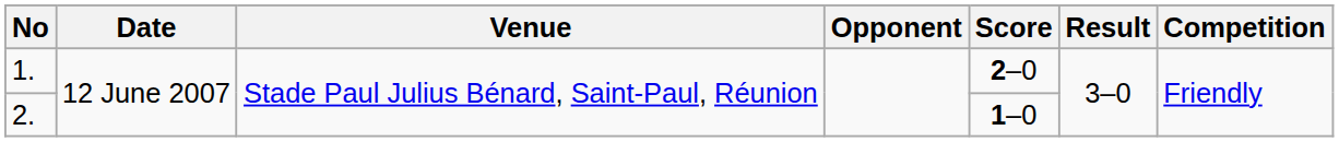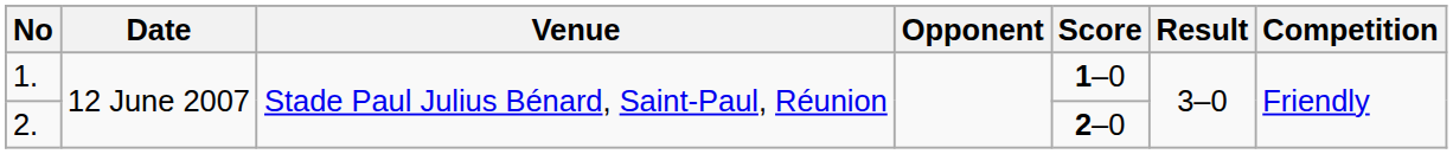 <table class="wikitable" style="font-size:85%;">
 <tr>
 <th>No</th>
 <th>Date</th>
 <th>Venue</th>
 <th>Opponent</th>
 <th>Score</th>
 <th>Result</th>
 <th>Competition</th>
 </tr>
 <tr>
 <td>1.</td>
 <td rowspan="2">12 June 2007</td>
 <td rowspan="2"><a href='#'>Stade Paul Julius Bénard</a>, <a href='#'>Saint-Paul</a>, <a href='#'>Réunion</a></td>
 <td rowspan="2"></td>
-<td align=center><strong>2</strong>–0</td>
+<td align=center><strong>1</strong>–0</td>
 <td rowspan="2" style="text-align:center">3–0</td>
 <td rowspan="2"><a href='#'>Friendly</a></td>
 </tr>
 <tr>
 <td>2.</td>
-<td align=center><strong>1</strong>–0</td>
+<td align=center><strong>2</strong>–0</td>
 </tr>
 </table>
